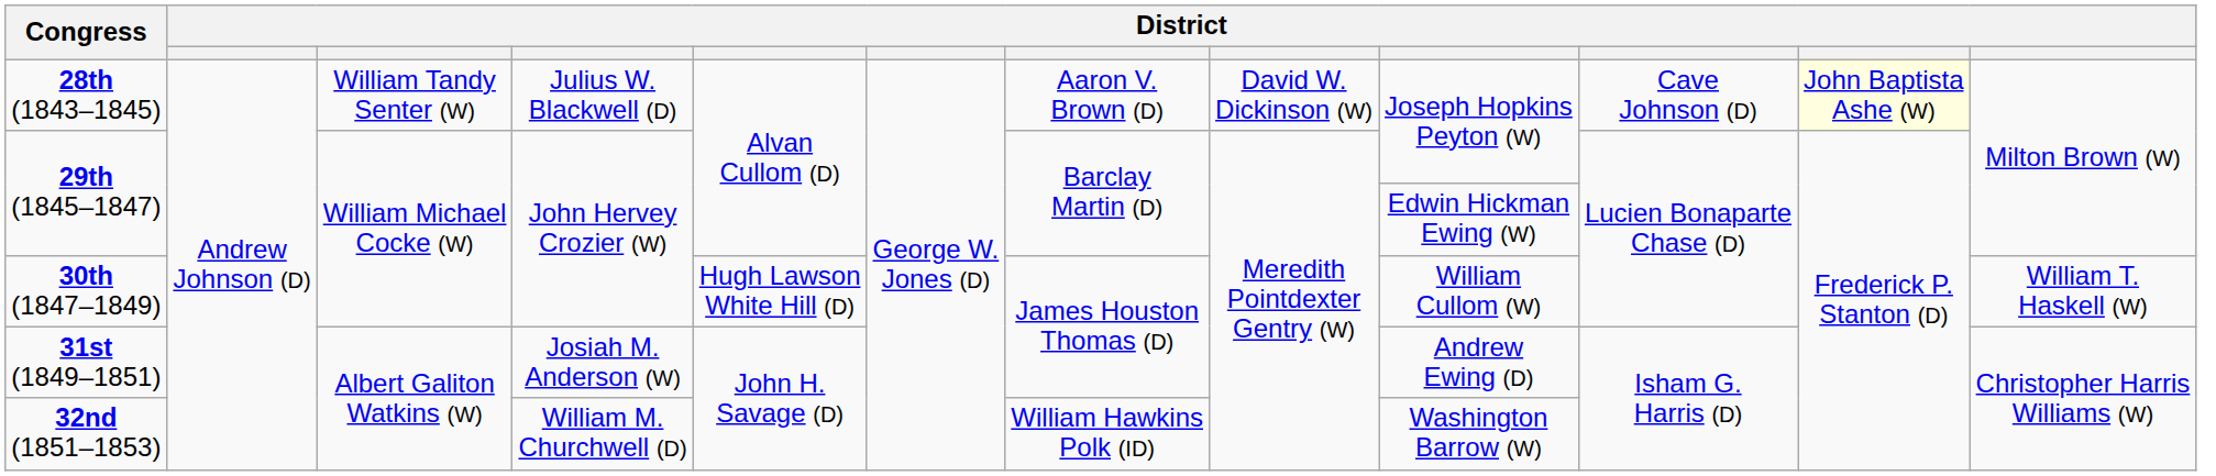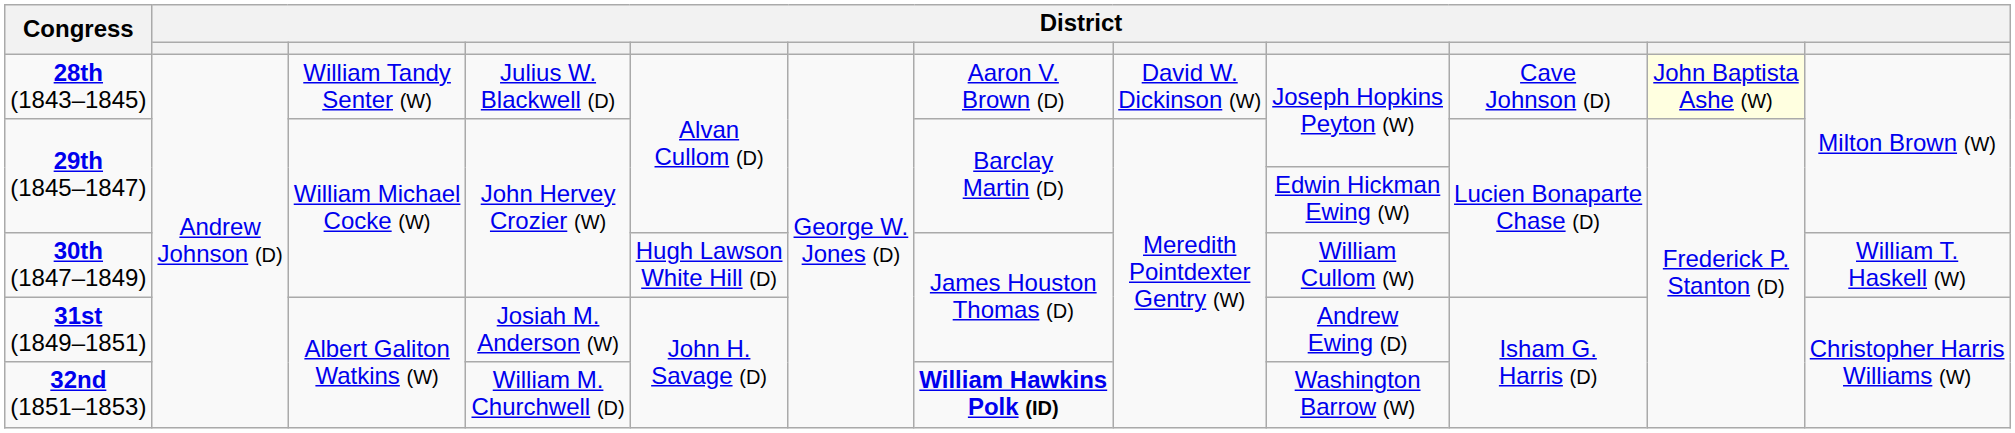 <table class=wikitable style="text-align:center">
 <tr>
 <th rowspan=2>Con­gress</th>
 <th colspan=11>District</th>
 </tr>
 <tr>
 <th></th>
 <th></th>
 <th></th>
 <th></th>
 <th></th>
 <th></th>
 <th></th>
 <th></th>
 <th></th>
 <th></th>
 <th></th>
 </tr>
 <tr style="height:2em">
 <td><strong><a href='#'>28th</a></strong><br>(1843–1845)</td>
 <td rowspan=6 ><a href='#'>Andrew<br>Johnson</a> <small>(D)</small></td>
 <td><a href='#'>William Tandy<br>Senter</a> <small>(W)</small></td>
 <td><a href='#'>Julius W.<br>Blackwell</a> <small>(D)</small></td>
 <td rowspan=3 ><a href='#'>Alvan<br>Cullom</a> <small>(D)</small></td>
 <td rowspan=6 ><a href='#'>George W.<br>Jones</a> <small>(D)</small></td>
 <td><a href='#'>Aaron V.<br>Brown</a> <small>(D)</small></td>
 <td><a href='#'>David W.<br>Dickinson</a> <small>(W)</small></td>
 <td rowspan=2 ><a href='#'>Joseph Hopkins<br>Peyton</a> <small>(W)</small></td>
 <td><a href='#'>Cave<br>Johnson</a> <small>(D)</small></td>
 <td style="background: lightyellow;"><a href='#'>John Baptista<br>Ashe</a> <small>(W)</small></td>
 <td rowspan=3 ><a href='#'>Milton Brown</a> <small>(W)</small></td>
 </tr>
 <tr style="height:2em">
 <td rowspan=2><strong><a href='#'>29th</a></strong><br>(1845–1847)</td>
 <td rowspan=3 ><a href='#'>William Michael<br>Cocke</a> <small>(W)</small></td>
 <td rowspan=3 ><a href='#'>John Hervey<br>Crozier</a> <small>(W)</small></td>
 <td rowspan=2 ><a href='#'>Barclay<br>Martin</a> <small>(D)</small></td>
 <td rowspan=5 ><a href='#'>Meredith<br>Pointdexter<br>Gentry</a> <small>(W)</small></td>
 <td rowspan=3 ><a href='#'>Lucien Bonaparte<br>Chase</a> <small>(D)</small></td>
 <td rowspan=5 ><a href='#'>Frederick P.<br>Stanton</a> <small>(D)</small></td>
 </tr>
 <tr style="height:2em">
 <td><a href='#'>Edwin Hickman<br>Ewing</a> <small>(W)</small></td>
 </tr>
 <tr style="height:2em">
 <td><strong><a href='#'>30th</a></strong><br>(1847–1849)</td>
 <td><a href='#'>Hugh Lawson<br>White Hill</a> <small>(D)</small></td>
 <td rowspan=2 ><a href='#'>James Houston<br>Thomas</a> <small>(D)</small></td>
 <td><a href='#'>William<br>Cullom</a> <small>(W)</small></td>
 <td><a href='#'>William T.<br>Haskell</a> <small>(W)</small></td>
 </tr>
 <tr style="height:2em">
 <td><strong><a href='#'>31st</a></strong><br>(1849–1851)</td>
 <td rowspan=2 ><a href='#'>Albert Galiton<br>Watkins</a> <small>(W)</small></td>
 <td><a href='#'>Josiah M.<br>Anderson</a> <small>(W)</small></td>
 <td rowspan=2 ><a href='#'>John H.<br>Savage</a> <small>(D)</small></td>
 <td><a href='#'>Andrew<br>Ewing</a> <small>(D)</small></td>
 <td rowspan=2 ><a href='#'>Isham G.<br>Harris</a> <small>(D)</small></td>
 <td rowspan=2 ><a href='#'>Christopher Harris<br>Williams</a> <small>(W)</small></td>
 </tr>
 <tr style="height:2em">
 <td><strong><a href='#'>32nd</a></strong><br>(1851–1853)</td>
 <td><a href='#'>William M.<br>Churchwell</a> <small>(D)</small></td>
-<td><a href='#'>William Hawkins<br>Polk</a> <small>(ID)</small></td>
+<td><strong><a href='#'>William Hawkins<br>Polk</a> <small>(ID)</small></strong></td>
 <td><a href='#'>Washington<br>Barrow</a> <small>(W)</small></td>
 </tr>
 </table>
